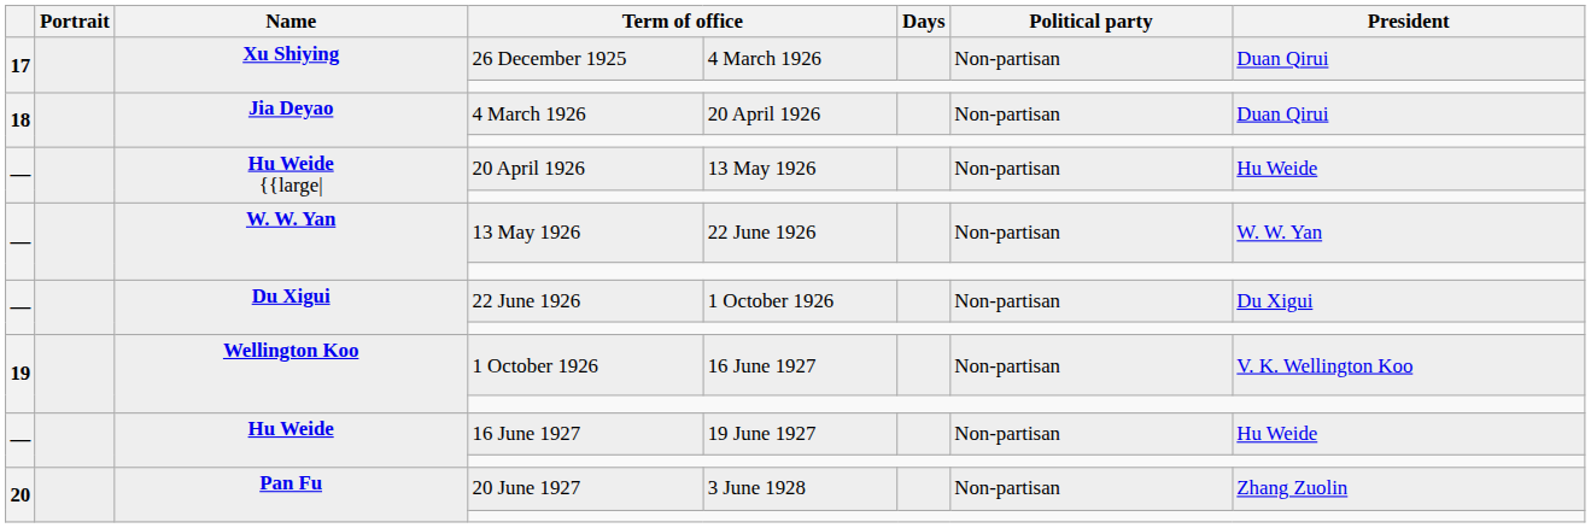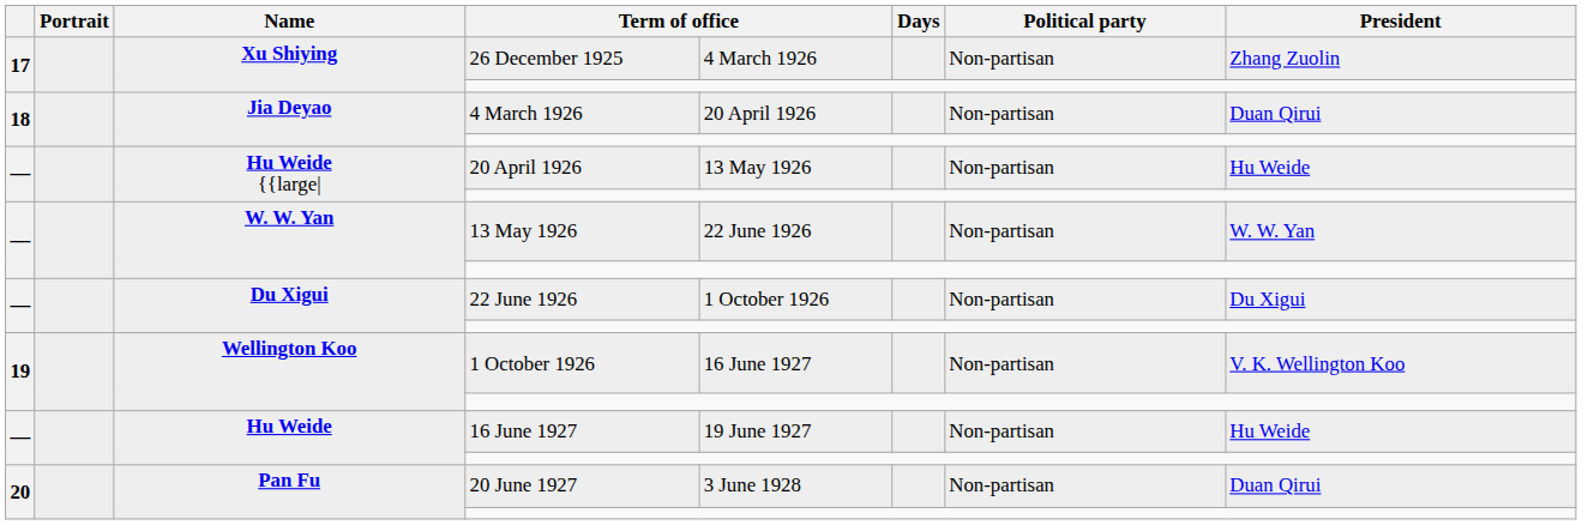 <table class="wikitable">
 <tr>
 <th></th>
 <th>Portrait</th>
 <th width=25%>Name<br></th>
 <th colspan=2 width=30%>Term of office</th>
 <th>Days</th>
 <th width=20%>Political party</th>
 <th width=35%>President</th>
 </tr>
 <tr bgcolor=#EEEEEE>
 <th rowspan=2 style="background:">17</th>
 <td rowspan=2 align=center></td>
 <td rowspan=2 align=center><strong><a href='#'>Xu Shiying</a></strong><br><br></td>
 <td>26 December 1925</td>
 <td>4 March 1926</td>
 <td></td>
 <td>Non-partisan</td>
-<td><a href='#'>Duan Qirui</a></td>
+<td><a href='#'>Zhang Zuolin</a></td>
 </tr>
 <tr>
 <td colspan=5></td>
 </tr>
 <tr bgcolor=#EEEEEE>
 <th rowspan=2 style="background:">18</th>
 <td rowspan=2 align=center></td>
 <td rowspan=2 align=center><strong><a href='#'>Jia Deyao</a></strong><br><br></td>
 <td>4 March 1926</td>
 <td>20 April 1926</td>
 <td></td>
 <td>Non-partisan</td>
 <td><a href='#'>Duan Qirui</a></td>
 </tr>
 <tr>
 <td colspan=5></td>
 </tr>
 <tr bgcolor=#EEEEEE>
 <th rowspan=2 style="background:">—</th>
 <td rowspan=2 align=center></td>
 <td rowspan=2 align=center><strong><a href='#'>Hu Weide</a></strong><br>{{large|<br></td>
 <td>20 April 1926</td>
 <td>13 May 1926</td>
 <td></td>
 <td>Non-partisan</td>
 <td><a href='#'>Hu Weide</a> </td>
 </tr>
 <tr>
 <td colspan=5></td>
 </tr>
 <tr bgcolor=#EEEEEE>
 <th rowspan=2 style="background:">—</th>
 <td rowspan=2 align=center></td>
 <td rowspan=2 align=center><strong><a href='#'>W. W. Yan<br></a></strong><br><br></td>
 <td>13 May 1926</td>
 <td>22 June 1926</td>
 <td></td>
 <td>Non-partisan</td>
 <td><a href='#'>W. W. Yan</a> </td>
 </tr>
 <tr>
 <td colspan=5></td>
 </tr>
 <tr bgcolor=#EEEEEE>
 <th rowspan=2 style="background:">—</th>
 <td rowspan=2 align=center></td>
 <td rowspan=2 align=center><strong><a href='#'>Du Xigui</a></strong><br><br></td>
 <td>22 June 1926</td>
 <td>1 October 1926</td>
 <td></td>
 <td>Non-partisan</td>
 <td><a href='#'>Du Xigui</a> </td>
 </tr>
 <tr>
 <td colspan=5></td>
 </tr>
 <tr bgcolor=#EEEEEE>
 <th rowspan=2 style="background:">19</th>
 <td rowspan=2 align=center></td>
 <td rowspan=2 align=center><strong><a href='#'>Wellington Koo<br></a></strong><br><br></td>
 <td>1 October 1926</td>
 <td>16 June 1927</td>
 <td></td>
 <td>Non-partisan</td>
 <td><a href='#'>V. K. Wellington Koo</a> </td>
 </tr>
 <tr>
 <td colspan=5></td>
 </tr>
 <tr bgcolor=#EEEEEE>
 <th rowspan=2 style="background:">—</th>
 <td rowspan=2 align=center></td>
 <td rowspan=2 align=center><strong><a href='#'>Hu Weide</a></strong><br><br></td>
 <td>16 June 1927</td>
 <td>19 June 1927</td>
 <td></td>
 <td>Non-partisan</td>
 <td><a href='#'>Hu Weide</a> </td>
 </tr>
 <tr>
 <td colspan=5></td>
 </tr>
 <tr bgcolor=#EEEEEE>
 <th rowspan=2 style="background:">20</th>
 <td rowspan=2 align=center></td>
 <td rowspan=2 align=center><strong><a href='#'>Pan Fu</a></strong><br><br></td>
 <td>20 June 1927</td>
 <td>3 June 1928</td>
 <td></td>
 <td>Non-partisan</td>
-<td><a href='#'>Zhang Zuolin</a></td>
+<td><a href='#'>Duan Qirui</a></td>
 </tr>
 <tr>
 <td colspan=5></td>
 </tr>
 </table>
